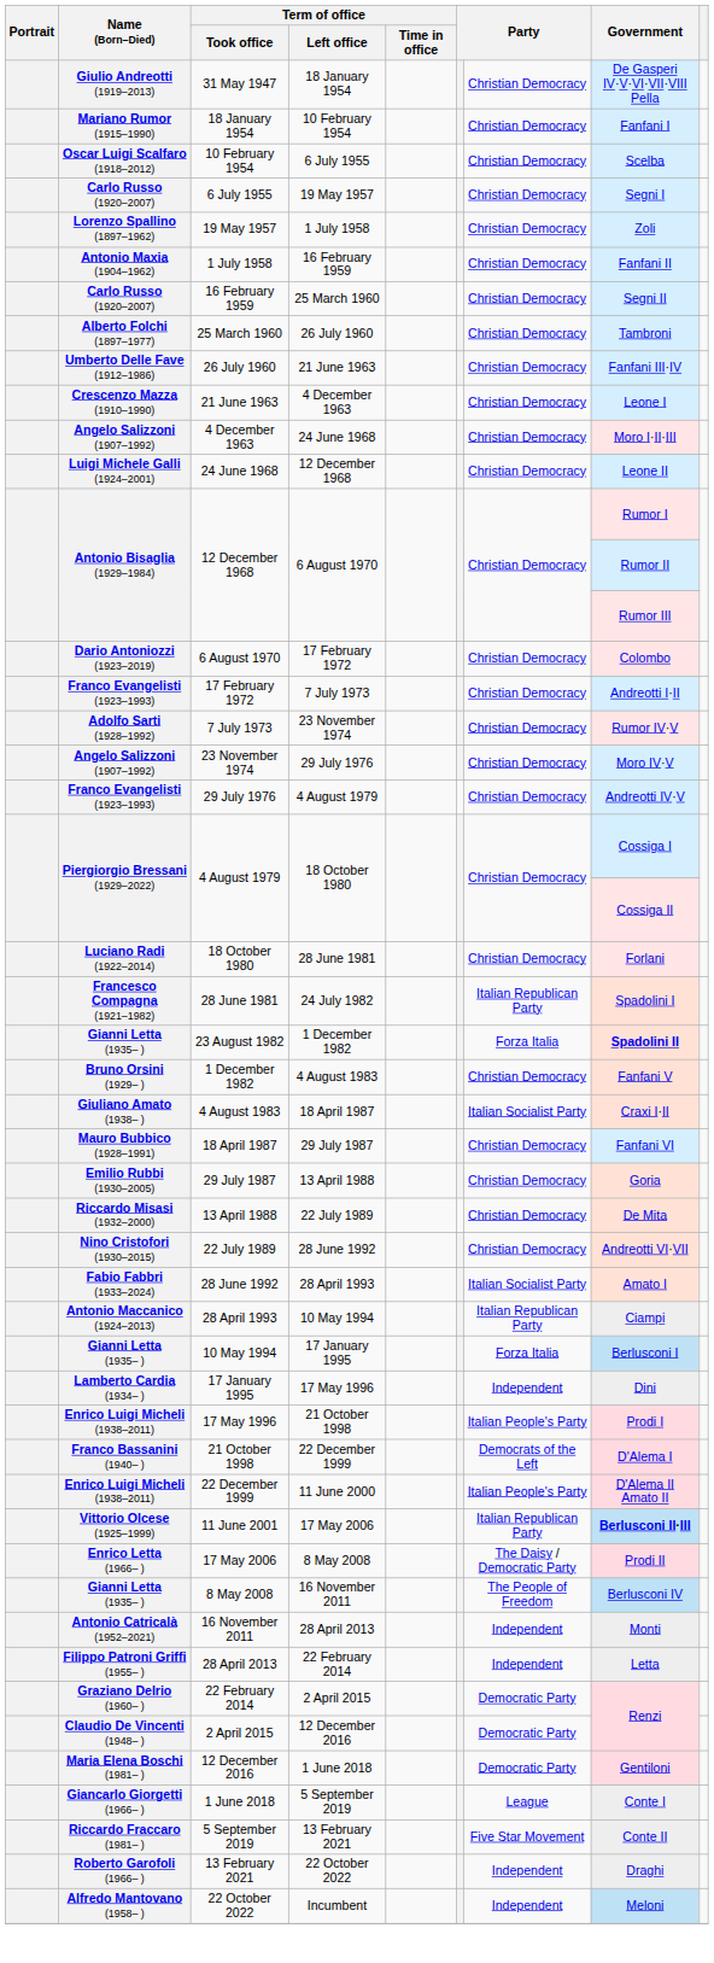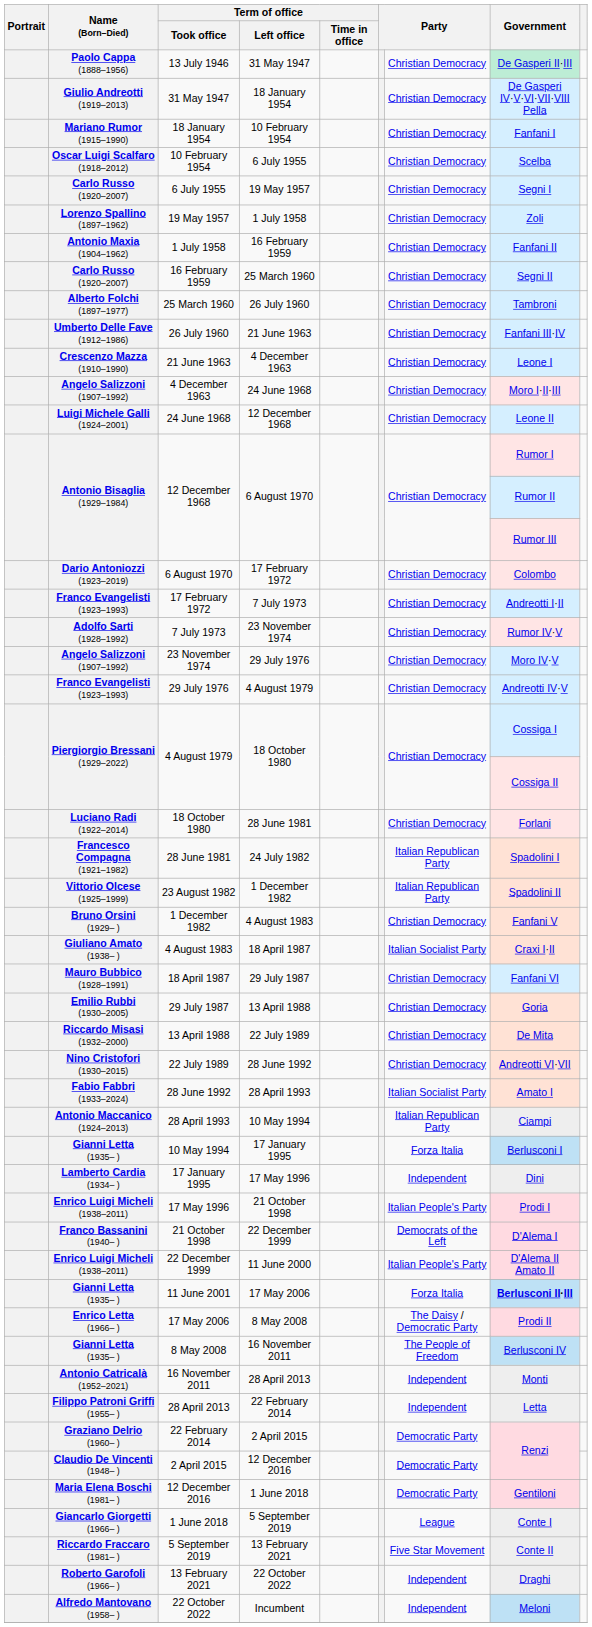 <table class="wikitable" style="text-align:center; style="width=100%">
 <tr>
 <th width=1% rowspan=2>Portrait</th>
 <th width=15% rowspan=2>Name<br><small>(Born–Died)</small></th>
 <th width=30% colspan=3>Term of office</th>
 <th width=15% rowspan=2 colspan=2>Party</th>
 <th width=10% rowspan=2>Government</th>
 <th width=1% rowspan=2></th>
 </tr>
 <tr style="text-align:center;">
 <th width=11%>Took office</th>
 <th width=11%>Left office</th>
 <th width=8%>Time in office</th>
+</tr>
+<tr>
+<th></th>
+<th scope="row" style="font-weight:normal"><strong><a href='#'>Paolo Cappa</a></strong><br><small>(1888–1956)</small></th>
+<td>13 July 1946</td>
+<td>31 May 1947</td>
+<td></td>
+<th style="background:"></th>
+<td><a href='#'>Christian Democracy</a></td>
+<td bgcolor=#BDEDD5><a href='#'>De Gasperi II</a>·<a href='#'>III</a></td>
+<td></td>
 </tr>
 <tr>
 <th></th>
 <th scope="row" style="font-weight:normal"><strong><a href='#'>Giulio Andreotti</a></strong><br><small>(1919–2013)</small></th>
 <td>31 May 1947</td>
 <td>18 January 1954</td>
 <td></td>
 <th style="background:"></th>
 <td><a href='#'>Christian Democracy</a></td>
 <td bgcolor=#D5EFFF><a href='#'>De Gasperi IV</a>·<a href='#'>V</a>·<a href='#'>VI</a>·<a href='#'>VII</a>·<a href='#'>VIII</a><br><a href='#'>Pella</a></td>
 <td></td>
 </tr>
 <tr>
 <th></th>
 <th scope="row" style="font-weight:normal"><strong><a href='#'>Mariano Rumor</a></strong><br><small>(1915–1990)</small></th>
 <td>18 January 1954</td>
 <td>10 February 1954</td>
 <td></td>
 <th style="background:"></th>
 <td><a href='#'>Christian Democracy</a></td>
 <td bgcolor=#D5EFFF><a href='#'>Fanfani I</a></td>
 <td></td>
 </tr>
 <tr>
 <th></th>
 <th scope="row" style="font-weight:normal"><strong><a href='#'>Oscar Luigi Scalfaro</a></strong><br><small>(1918–2012)</small></th>
 <td>10 February 1954</td>
 <td>6 July 1955</td>
 <td></td>
 <td style="background:"></td>
 <td><a href='#'>Christian Democracy</a></td>
 <td bgcolor=#D5EFFF><a href='#'>Scelba</a></td>
 <td></td>
 </tr>
 <tr>
 <th></th>
 <th scope="row" style="font-weight:normal"><strong><a href='#'>Carlo Russo</a></strong><br><small>(1920–2007)</small></th>
 <td>6 July 1955</td>
 <td>19 May 1957</td>
 <td></td>
 <th style="background:"></th>
 <td><a href='#'>Christian Democracy</a></td>
 <td bgcolor=#D5EFFF><a href='#'>Segni I</a></td>
 <td></td>
 </tr>
 <tr>
 <th></th>
 <th scope="row" style="font-weight:normal"><strong><a href='#'>Lorenzo Spallino</a></strong><br><small>(1897–1962)</small></th>
 <td>19 May 1957</td>
 <td>1 July 1958</td>
 <td></td>
 <th style="background:"></th>
 <td><a href='#'>Christian Democracy</a></td>
 <td bgcolor=#D5EFFF><a href='#'>Zoli</a></td>
 <td></td>
 </tr>
 <tr>
 <th></th>
 <th scope="row" style="font-weight:normal"><strong><a href='#'>Antonio Maxia</a></strong><br><small>(1904–1962)</small></th>
 <td>1 July 1958</td>
 <td>16 February 1959</td>
 <td></td>
 <th style="background:"></th>
 <td><a href='#'>Christian Democracy</a></td>
 <td bgcolor=#D5EFFF><a href='#'>Fanfani II</a></td>
 <td></td>
 </tr>
 <tr>
 <th></th>
 <th scope="row" style="font-weight:normal"><strong><a href='#'>Carlo Russo</a></strong><br><small>(1920–2007)</small></th>
 <td>16 February 1959</td>
 <td>25 March 1960</td>
 <td></td>
 <td style="background:"></td>
 <td><a href='#'>Christian Democracy</a></td>
 <td bgcolor=#D5EFFF><a href='#'>Segni II</a></td>
 <td></td>
 </tr>
 <tr>
 <th></th>
 <th scope="row" style="font-weight:normal"><strong><a href='#'>Alberto Folchi</a></strong><br><small>(1897–1977)</small></th>
 <td>25 March 1960</td>
 <td>26 July 1960</td>
 <td></td>
 <th style="background:"></th>
 <td><a href='#'>Christian Democracy</a></td>
 <td bgcolor=#D5EFFF><a href='#'>Tambroni</a></td>
 <td></td>
 </tr>
 <tr>
 <th></th>
 <th scope="row" style="font-weight:normal"><strong><a href='#'>Umberto Delle Fave</a></strong><br><small>(1912–1986)</small></th>
 <td>26 July 1960</td>
 <td>21 June 1963</td>
 <td></td>
 <th style="background:"></th>
 <td><a href='#'>Christian Democracy</a></td>
 <td bgcolor=#D5EFFF><a href='#'>Fanfani III</a>·<a href='#'>IV</a></td>
 <td></td>
 </tr>
 <tr>
 <th></th>
 <th scope="row" style="font-weight:normal"><strong><a href='#'>Crescenzo Mazza</a></strong><br><small>(1910–1990)</small></th>
 <td>21 June 1963</td>
 <td>4 December 1963</td>
 <td></td>
 <td style="background:"></td>
 <td><a href='#'>Christian Democracy</a></td>
 <td bgcolor=#D5EFFF><a href='#'>Leone I</a></td>
 <td></td>
 </tr>
 <tr>
 <th></th>
 <th scope="row" style="font-weight:normal"><strong><a href='#'>Angelo Salizzoni</a></strong><br><small>(1907–1992)</small></th>
 <td>4 December 1963</td>
 <td>24 June 1968</td>
 <td></td>
 <th style="background:"></th>
 <td><a href='#'>Christian Democracy</a></td>
 <td bgcolor=#FFE5E5><a href='#'>Moro I</a>·<a href='#'>II</a>·<a href='#'>III</a></td>
 <td></td>
 </tr>
 <tr>
 <th></th>
 <th scope="row" style="font-weight:normal"><strong><a href='#'>Luigi Michele Galli</a></strong><br><small>(1924–2001)</small></th>
 <td>24 June 1968</td>
 <td>12 December 1968</td>
 <td></td>
 <th style="background:"></th>
 <td><a href='#'>Christian Democracy</a></td>
 <td bgcolor=#D5EFFF><a href='#'>Leone II</a></td>
 <td></td>
 </tr>
 <tr style="height:4em;">
 <th rowspan=3></th>
 <th scope="row" style="font-weight:normal" rowspan=3><strong><a href='#'>Antonio Bisaglia</a></strong><br><small>(1929–1984)</small></th>
 <td rowspan=3>12 December 1968</td>
 <td rowspan=3>6 August 1970</td>
 <td rowspan=3></td>
 <th rowspan=3 style="background:"></th>
 <td rowspan=3><a href='#'>Christian Democracy</a></td>
 <td bgcolor=#FFE5E5><a href='#'>Rumor I</a></td>
 <td rowspan=3></td>
 </tr>
 <tr style="height:4em;">
 <td bgcolor=#D5EFFF><a href='#'>Rumor II</a></td>
 </tr>
 <tr style="height:4em;">
 <td bgcolor=#FFE5E5><a href='#'>Rumor III</a></td>
 </tr>
 <tr>
 <th></th>
 <th scope="row" style="font-weight:normal"><strong><a href='#'>Dario Antoniozzi</a></strong><br><small>(1923–2019)</small></th>
 <td>6 August 1970</td>
 <td>17 February 1972</td>
 <td></td>
 <th style="background:"></th>
 <td><a href='#'>Christian Democracy</a></td>
 <td bgcolor=#FFE5E5><a href='#'>Colombo</a></td>
 <td></td>
 </tr>
 <tr>
 <th></th>
 <th scope="row" style="font-weight:normal"><strong><a href='#'>Franco Evangelisti</a></strong><br><small>(1923–1993)</small></th>
 <td>17 February 1972</td>
 <td>7 July 1973</td>
 <td></td>
 <th style="background:"></th>
 <td><a href='#'>Christian Democracy</a></td>
 <td bgcolor=#D5EFFF><a href='#'>Andreotti I</a>·<a href='#'>II</a></td>
 <td></td>
 </tr>
 <tr>
 <th></th>
 <th scope="row" style="font-weight:normal"><strong><a href='#'>Adolfo Sarti</a></strong><br><small>(1928–1992)</small></th>
 <td>7 July 1973</td>
 <td>23 November 1974</td>
 <td></td>
 <th style="background:"></th>
 <td><a href='#'>Christian Democracy</a></td>
 <td bgcolor=#FFE5E5><a href='#'>Rumor IV</a>·<a href='#'>V</a></td>
 <td></td>
 </tr>
 <tr>
 <th></th>
 <th scope="row" style="font-weight:normal"><strong><a href='#'>Angelo Salizzoni</a></strong><br><small>(1907–1992)</small></th>
 <td>23 November 1974</td>
 <td>29 July 1976</td>
 <td></td>
 <th style="background:"></th>
 <td><a href='#'>Christian Democracy</a></td>
 <td bgcolor=#D5EFFF><a href='#'>Moro IV</a>·<a href='#'>V</a></td>
 <td></td>
 </tr>
 <tr>
 <th></th>
 <th scope="row" style="font-weight:normal"><strong><a href='#'>Franco Evangelisti</a></strong><br><small>(1923–1993)</small></th>
 <td>29 July 1976</td>
 <td>4 August 1979</td>
 <td></td>
 <td style="background:"></td>
 <td><a href='#'>Christian Democracy</a></td>
 <td bgcolor=#D5EFFF><a href='#'>Andreotti IV</a>·<a href='#'>V</a></td>
 <td></td>
 </tr>
 <tr style="height:5em;">
 <th rowspan=2></th>
 <th scope="row" style="font-weight:normal" rowspan=2><strong><a href='#'>Piergiorgio Bressani</a></strong><br><small>(1929–2022)</small></th>
 <td rowspan=2>4 August 1979</td>
 <td rowspan=2>18 October 1980</td>
 <td rowspan=2></td>
 <th rowspan=2 style="background:"></th>
 <td rowspan=2><a href='#'>Christian Democracy</a></td>
 <td bgcolor=#D5EFFF><a href='#'>Cossiga I</a></td>
 <td rowspan=2></td>
 </tr>
 <tr style="height:5em;">
 <td bgcolor=#FFE5E5><a href='#'>Cossiga II</a></td>
 </tr>
 <tr>
 <th></th>
 <th scope="row" style="font-weight:normal"><strong><a href='#'>Luciano Radi</a></strong><br><small>(1922–2014)</small></th>
 <td>18 October 1980</td>
 <td>28 June 1981</td>
 <td></td>
 <th style="background:"></th>
 <td><a href='#'>Christian Democracy</a></td>
 <td bgcolor=#FFE5E5><a href='#'>Forlani</a></td>
 <td></td>
 </tr>
 <tr>
 <th></th>
 <th scope="row" style="font-weight:normal"><strong><a href='#'>Francesco Compagna</a></strong><br><small>(1921–1982)</small></th>
 <td>28 June 1981</td>
 <td>24 July 1982</td>
 <td></td>
 <th style="background:"></th>
 <td><a href='#'>Italian Republican Party</a></td>
 <td bgcolor=#FFE2D5><a href='#'>Spadolini I</a></td>
 <td></td>
 </tr>
 <tr>
 <th></th>
-<th scope="row" style="font-weight:normal"><strong><a href='#'>Gianni Letta</a></strong><br><small>(1935– )</small></th>
+<th scope="row" style="font-weight:normal"><strong><a href='#'>Vittorio Olcese</a></strong><br><small>(1925–1999)</small></th>
 <td>23 August 1982</td>
 <td>1 December 1982</td>
 <td></td>
 <th style="background:"></th>
-<td><a href='#'>Forza Italia</a></td>
-<td bgcolor=#FFE2D5><strong><a href='#'>Spadolini II</a></strong></td>
+<td><a href='#'>Italian Republican Party</a></td>
+<td bgcolor=#FFE2D5><a href='#'>Spadolini II</a></td>
 <td></td>
 </tr>
 <tr>
 <th></th>
 <th scope="row" style="font-weight:normal"><strong><a href='#'>Bruno Orsini</a></strong><br><small>(1929– )</small></th>
 <td>1 December 1982</td>
 <td>4 August 1983</td>
 <td></td>
 <th style="background:"></th>
 <td><a href='#'>Christian Democracy</a></td>
 <td bgcolor=#FFE2D5><a href='#'>Fanfani V</a></td>
 <td></td>
 </tr>
 <tr>
 <th></th>
 <th scope="row" style="font-weight:normal"><strong><a href='#'>Giuliano Amato</a></strong><br><small>(1938– )</small></th>
 <td>4 August 1983</td>
 <td>18 April 1987</td>
 <td></td>
 <th style="background:"></th>
 <td><a href='#'>Italian Socialist Party</a></td>
 <td bgcolor=#FFE2D5><a href='#'>Craxi I</a>·<a href='#'>II</a></td>
 <td></td>
 </tr>
 <tr>
 <th></th>
 <th scope="row" style="font-weight:normal"><strong><a href='#'>Mauro Bubbico</a></strong><br><small>(1928–1991)</small></th>
 <td>18 April 1987</td>
 <td>29 July 1987</td>
 <td></td>
 <th style="background:"></th>
 <td><a href='#'>Christian Democracy</a></td>
 <td bgcolor=#D5EFFF><a href='#'>Fanfani VI</a></td>
 <td></td>
 </tr>
 <tr>
 <th></th>
 <th scope="row" style="font-weight:normal"><strong><a href='#'>Emilio Rubbi</a></strong><br><small>(1930–2005)</small></th>
 <td>29 July 1987</td>
 <td>13 April 1988</td>
 <td></td>
 <th style="background:"></th>
 <td><a href='#'>Christian Democracy</a></td>
 <td bgcolor=#FFE2D5><a href='#'>Goria</a></td>
 <td></td>
 </tr>
 <tr>
 <th></th>
 <th scope="row" style="font-weight:normal"><strong><a href='#'>Riccardo Misasi</a></strong><br><small>(1932–2000)</small></th>
 <td>13 April 1988</td>
 <td>22 July 1989</td>
 <td></td>
 <td style="background:"></td>
 <td><a href='#'>Christian Democracy</a></td>
 <td bgcolor=#FFE2D5><a href='#'>De Mita</a></td>
 <td></td>
 </tr>
 <tr>
 <th></th>
 <th scope="row" style="font-weight:normal"><strong><a href='#'>Nino Cristofori</a></strong><br><small>(1930–2015)</small></th>
 <td>22 July 1989</td>
 <td>28 June 1992</td>
 <td></td>
 <th style="background:"></th>
 <td><a href='#'>Christian Democracy</a></td>
 <td bgcolor=#FFE2D5><a href='#'>Andreotti VI</a>·<a href='#'>VII</a></td>
 <td></td>
 </tr>
 <tr>
 <th></th>
 <th scope="row" style="font-weight:normal"><strong><a href='#'>Fabio Fabbri</a></strong><br><small>(1933–2024)</small></th>
 <td>28 June 1992</td>
 <td>28 April 1993</td>
 <td></td>
 <th style="background:"></th>
 <td><a href='#'>Italian Socialist Party</a></td>
 <td bgcolor=#FFE2D5><a href='#'>Amato I</a></td>
 <td></td>
 </tr>
 <tr>
 <th></th>
 <th scope="row" style="font-weight:normal"><strong><a href='#'>Antonio Maccanico</a></strong><br><small>(1924–2013)</small></th>
 <td>28 April 1993</td>
 <td>10 May 1994</td>
 <td></td>
 <th style="background:"></th>
 <td><a href='#'>Italian Republican Party</a></td>
 <td bgcolor=#EEEEEE><a href='#'>Ciampi</a></td>
 <td></td>
 </tr>
 <tr>
 <th></th>
 <th scope="row" style="font-weight:normal"><strong><a href='#'>Gianni Letta</a></strong><br><small>(1935– )</small></th>
 <td>10 May 1994</td>
 <td>17 January 1995</td>
 <td></td>
 <th style="background:"></th>
 <td><a href='#'>Forza Italia</a></td>
 <td bgcolor=#BEE1F5><a href='#'>Berlusconi I</a></td>
 <td></td>
 </tr>
 <tr>
 <th></th>
 <th scope="row" style="font-weight:normal"><strong><a href='#'>Lamberto Cardia</a></strong><br><small>(1934– )</small></th>
 <td>17 January 1995</td>
 <td>17 May 1996</td>
 <td></td>
 <th style="background:"></th>
 <td><a href='#'>Independent</a></td>
 <td bgcolor=#EEEEEE><a href='#'>Dini</a></td>
 <td></td>
 </tr>
 <tr>
 <th></th>
 <th scope="row" style="font-weight:normal"><strong><a href='#'>Enrico Luigi Micheli</a></strong><br><small>(1938–2011)</small></th>
 <td>17 May 1996</td>
 <td>21 October 1998</td>
 <td></td>
 <th style="background:"></th>
 <td><a href='#'>Italian People's Party</a></td>
 <td bgcolor=#FFDAE1><a href='#'>Prodi I</a></td>
 <td></td>
 </tr>
 <tr>
 <th></th>
 <th scope="row" style="font-weight:normal"><strong><a href='#'>Franco Bassanini</a></strong><br><small>(1940– )</small></th>
 <td>21 October 1998</td>
 <td>22 December 1999</td>
 <td></td>
 <th style="background:"></th>
 <td><a href='#'>Democrats of the Left</a></td>
 <td bgcolor=#FFDAE1><a href='#'>D'Alema I</a></td>
 <td></td>
 </tr>
 <tr>
 <th></th>
 <th scope="row" style="font-weight:normal"><strong><a href='#'>Enrico Luigi Micheli</a></strong><br><small>(1938–2011)</small></th>
 <td>22 December 1999</td>
 <td>11 June 2000</td>
 <td></td>
 <th style="background:"></th>
 <td><a href='#'>Italian People's Party</a></td>
 <td bgcolor=#FFDAE1><a href='#'>D'Alema II</a><br><a href='#'>Amato II</a></td>
 <td></td>
 </tr>
 <tr>
 <th></th>
-<th scope="row" style="font-weight:normal"><strong><a href='#'>Vittorio Olcese</a></strong><br><small>(1925–1999)</small></th>
+<th scope="row" style="font-weight:normal"><strong><a href='#'>Gianni Letta</a></strong><br><small>(1935– )</small></th>
 <td>11 June 2001</td>
 <td>17 May 2006</td>
 <td></td>
 <th style="background:"></th>
-<td><a href='#'>Italian Republican Party</a></td>
+<td><a href='#'>Forza Italia</a></td>
 <td bgcolor=#BEE1F5><strong><a href='#'>Berlusconi II</a>·<a href='#'>III</a></strong></td>
 <td></td>
 </tr>
 <tr>
 <th></th>
 <th scope="row" style="font-weight:normal"><strong><a href='#'>Enrico Letta</a></strong><br><small>(1966– )</small></th>
 <td>17 May 2006</td>
 <td>8 May 2008</td>
 <td></td>
 <th style="background:"></th>
 <td><a href='#'>The Daisy</a> /<br><a href='#'>Democratic Party</a></td>
 <td bgcolor=#FFDAE1><a href='#'>Prodi II</a></td>
 <td></td>
 </tr>
 <tr>
 <th></th>
 <th scope="row" style="font-weight:normal"><strong><a href='#'>Gianni Letta</a></strong><br><small>(1935– )</small></th>
 <td>8 May 2008</td>
 <td>16 November 2011</td>
 <td></td>
 <th style="background:"></th>
 <td><a href='#'>The People of Freedom</a></td>
 <td bgcolor=#BEE1F5><a href='#'>Berlusconi IV</a></td>
 <td></td>
 </tr>
 <tr>
 <th></th>
 <th scope="row" style="font-weight:normal"><strong><a href='#'>Antonio Catricalà</a></strong><br><small>(1952–2021)</small></th>
 <td>16 November 2011</td>
 <td>28 April 2013</td>
 <td></td>
 <th style="background:"></th>
 <td><a href='#'>Independent</a></td>
 <td bgcolor=#EEEEEE><a href='#'>Monti</a></td>
 <td></td>
 </tr>
 <tr>
 <th></th>
 <th scope="row" style="font-weight:normal"><strong><a href='#'>Filippo Patroni Griffi</a></strong><br><small>(1955– )</small></th>
 <td>28 April 2013</td>
 <td>22 February 2014</td>
 <td></td>
 <th style="background:"></th>
 <td><a href='#'>Independent</a></td>
 <td bgcolor=EEEEEE><a href='#'>Letta</a></td>
 <td></td>
 </tr>
 <tr>
 <th></th>
 <th scope="row" style="font-weight:normal"><strong><a href='#'>Graziano Delrio</a></strong><br><small>(1960– )</small></th>
 <td>22 February 2014</td>
 <td>2 April 2015</td>
 <td></td>
 <th style="background:"></th>
 <td><a href='#'>Democratic Party</a></td>
 <td rowspan=2 bgcolor=#FFDAE1><a href='#'>Renzi</a></td>
 <td></td>
 </tr>
 <tr>
 <th></th>
 <th scope="row" style="font-weight:normal"><strong><a href='#'>Claudio De Vincenti</a></strong><br><small>(1948– )</small></th>
 <td>2 April 2015</td>
 <td>12 December 2016</td>
 <td></td>
 <th style="background:"></th>
 <td><a href='#'>Democratic Party</a></td>
 <td></td>
 </tr>
 <tr>
 <th></th>
 <th scope="row" style="font-weight:normal"><strong><a href='#'>Maria Elena Boschi</a></strong><br><small>(1981– )</small></th>
 <td>12 December 2016</td>
 <td>1 June 2018</td>
 <td></td>
 <th style="background:"></th>
 <td><a href='#'>Democratic Party</a></td>
 <td bgcolor=#FFDAE1><a href='#'>Gentiloni</a></td>
 <td></td>
 </tr>
 <tr>
 <th></th>
 <th scope="row" style="font-weight:normal"><strong><a href='#'>Giancarlo Giorgetti</a></strong><br><small>(1966– )</small></th>
 <td>1 June 2018</td>
 <td>5 September 2019</td>
 <td></td>
 <th style="background:"></th>
 <td><a href='#'>League</a></td>
 <td bgcolor=#EEEEEE><a href='#'>Conte I</a></td>
 <td></td>
 </tr>
 <tr>
 <th></th>
 <th scope="row" style="font-weight:normal"><strong><a href='#'>Riccardo Fraccaro</a></strong><br><small>(1981– )</small></th>
 <td>5 September 2019</td>
 <td>13 February 2021</td>
 <td></td>
 <th style="background:"></th>
 <td><a href='#'>Five Star Movement</a></td>
 <td bgcolor=#EEEEEE><a href='#'>Conte II</a></td>
 <td></td>
 </tr>
 <tr>
 <th></th>
 <th scope="row" style="font-weight:normal"><strong><a href='#'>Roberto Garofoli</a></strong><br><small>(1966– )</small></th>
 <td>13 February 2021</td>
 <td>22 October 2022</td>
 <td></td>
 <th style="background:"></th>
 <td><a href='#'>Independent</a></td>
 <td bgcolor=#EEEEEE><a href='#'>Draghi</a></td>
 <td></td>
 </tr>
 <tr>
 <th></th>
 <th scope="row" style="font-weight:normal"><strong><a href='#'>Alfredo Mantovano</a></strong><br><small>(1958– )</small></th>
 <td>22 October 2022</td>
 <td>Incumbent</td>
 <td></td>
 <th style="background:"></th>
 <td><a href='#'>Independent</a></td>
 <td bgcolor=#BEE1F5><a href='#'>Meloni</a></td>
 <td></td>
 </tr>
 <tr>
 </tr>
 </table>
